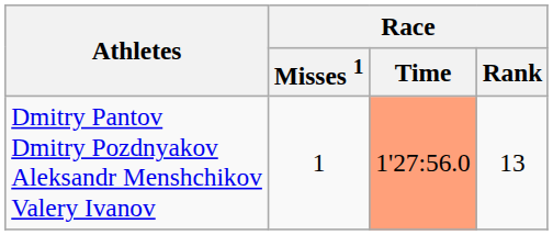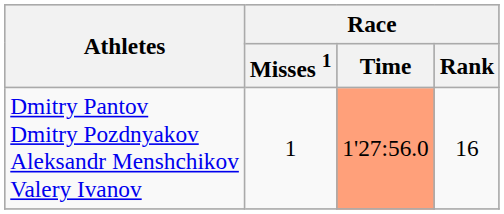 <table class="wikitable" style="font-size:90%">
 <tr>
 <th rowspan=2>Athletes</th>
 <th colspan=3>Race</th>
 </tr>
 <tr>
 <th>Misses <sup>1</sup></th>
 <th>Time</th>
 <th>Rank</th>
 </tr>
 <tr>
 <td><a href='#'>Dmitry Pantov</a><br><a href='#'>Dmitry Pozdnyakov</a><br><a href='#'>Aleksandr Menshchikov</a><br><a href='#'>Valery Ivanov</a></td>
 <td align=center>1</td>
 <td align=center style="background: lightsalmon;">1'27:56.0</td>
-<td align=center>13</td>
+<td align=center>16</td>
 </tr>
 </table>
